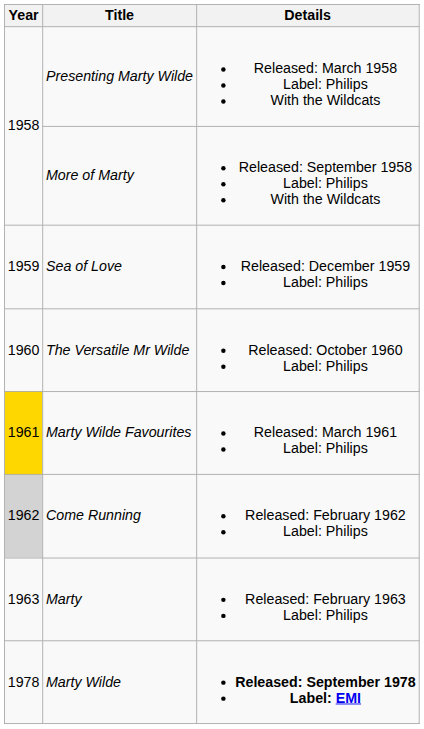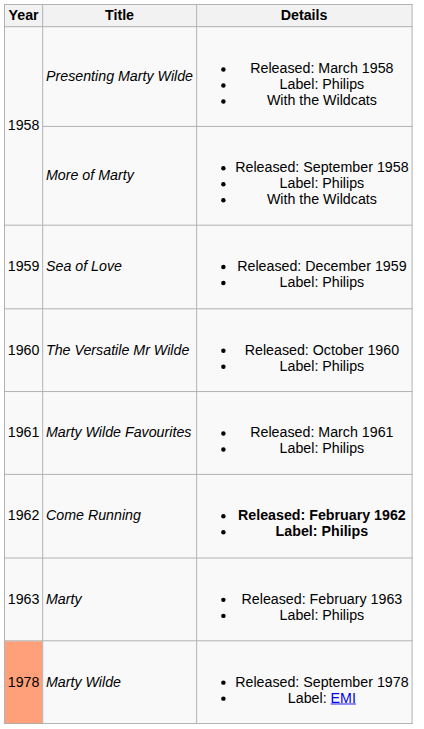 <table class="wikitable" style="text-align:center">
 <tr>
 <th>Year</th>
 <th>Title</th>
 <th>Details</th>
 </tr>
 <tr>
 <td rowspan="2">1958</td>
 <td align="left"><em>Presenting Marty Wilde</em></td>
 <td><br><ul><li>Released: March 1958</li><li>Label: Philips</li><li>With the Wildcats</li></ul></td>
 </tr>
 <tr>
 <td align="left"><em>More of Marty</em></td>
 <td><br><ul><li>Released: September 1958</li><li>Label: Philips</li><li>With the Wildcats</li></ul></td>
 </tr>
 <tr>
 <td>1959</td>
 <td align="left"><em>Sea of Love</em></td>
 <td><br><ul><li>Released: December 1959</li><li>Label: Philips</li></ul></td>
 </tr>
 <tr>
 <td>1960</td>
 <td align="left"><em>The Versatile Mr Wilde</em></td>
 <td><br><ul><li>Released: October 1960</li><li>Label: Philips</li></ul></td>
 </tr>
 <tr>
-<td style="background: gold;">1961</td>
+<td>1961</td>
 <td align="left"><em>Marty Wilde Favourites</em></td>
 <td><br><ul><li>Released: March 1961</li><li>Label: Philips</li></ul></td>
 </tr>
 <tr>
-<td style="background: lightgrey;">1962</td>
+<td>1962</td>
 <td align="left"><em>Come Running</em></td>
-<td><br><ul><li>Released: February 1962</li><li>Label: Philips</li></ul></td>
+<td><strong><br><ul><li>Released: February 1962</li><li>Label: Philips</li></ul></strong></td>
 </tr>
 <tr>
 <td>1963</td>
 <td align="left"><em>Marty</em></td>
 <td><br><ul><li>Released: February 1963</li><li>Label: Philips</li></ul></td>
 </tr>
 <tr>
-<td>1978</td>
+<td style="background: lightsalmon;">1978</td>
 <td align="left"><em>Marty Wilde</em></td>
-<td><strong><br><ul><li>Released: September 1978</li><li>Label: <a href='#'>EMI</a></li></ul></strong></td>
+<td><br><ul><li>Released: September 1978</li><li>Label: <a href='#'>EMI</a></li></ul></td>
 </tr>
 </table>
